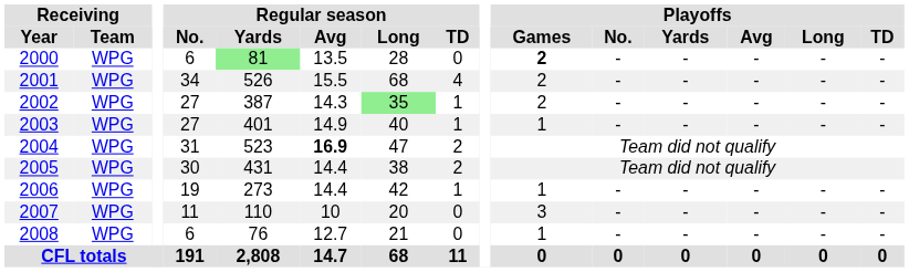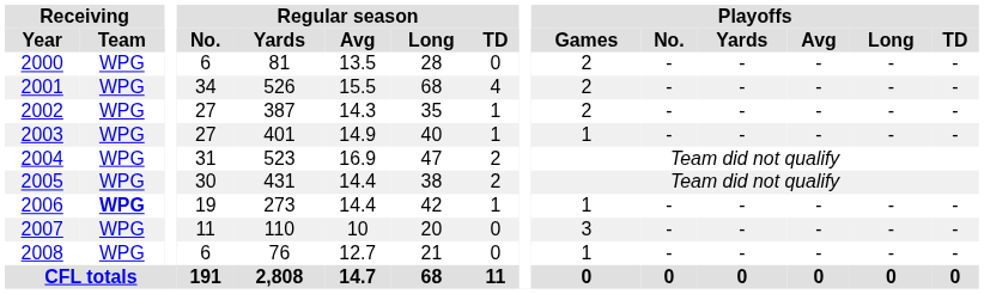 <table BORDER="0" CELLPADDING="1" CELLSPACING="0" width="65%" style="text-align:center">
 <tr bgcolor="#e0e0e0">
 <th colspan="2">Receiving</th>
 <th rowspan="99" bgcolor="#ffffff"> </th>
 <th colspan="5">Regular season</th>
 <th rowspan="99" bgcolor="#ffffff"> </th>
 <th colspan="6">Playoffs</th>
 </tr>
 <tr bgcolor="#e0e0e0">
 <th>Year</th>
 <th>Team</th>
 <th>No.</th>
 <th>Yards</th>
 <th>Avg</th>
 <th>Long</th>
 <th>TD</th>
 <th>Games</th>
 <th>No.</th>
 <th>Yards</th>
 <th>Avg</th>
 <th>Long</th>
 <th>TD</th>
 </tr>
 <tr ALIGN="center">
 <td><a href='#'>2000</a></td>
 <td><a href='#'>WPG</a></td>
 <td>6</td>
-<td style="background: lightgreen;">81</td>
+<td>81</td>
 <td>13.5</td>
 <td>28</td>
 <td>0</td>
-<td><strong>2</strong></td>
+<td>2</td>
 <td>-</td>
 <td>-</td>
 <td>-</td>
 <td>-</td>
 <td>-</td>
 </tr>
 <tr ALIGN="center" bgcolor="#f0f0f0">
 <td><a href='#'>2001</a></td>
 <td><a href='#'>WPG</a></td>
 <td>34</td>
 <td>526</td>
 <td>15.5</td>
 <td>68</td>
 <td>4</td>
 <td>2</td>
 <td>-</td>
 <td>-</td>
 <td>-</td>
 <td>-</td>
 <td>-</td>
 </tr>
 <tr ALIGN="center">
 <td><a href='#'>2002</a></td>
 <td><a href='#'>WPG</a></td>
 <td>27</td>
 <td>387</td>
 <td>14.3</td>
-<td style="background: lightgreen;">35</td>
+<td>35</td>
 <td>1</td>
 <td>2</td>
 <td>-</td>
 <td>-</td>
 <td>-</td>
 <td>-</td>
 <td>-</td>
 </tr>
 <tr ALIGN="center" bgcolor="#f0f0f0">
 <td><a href='#'>2003</a></td>
 <td><a href='#'>WPG</a></td>
 <td>27</td>
 <td>401</td>
 <td>14.9</td>
 <td>40</td>
 <td>1</td>
 <td>1</td>
 <td>-</td>
 <td>-</td>
 <td>-</td>
 <td>-</td>
 <td>-</td>
 </tr>
 <tr ALIGN="center">
 <td><a href='#'>2004</a></td>
 <td><a href='#'>WPG</a></td>
 <td>31</td>
 <td>523</td>
-<td><strong>16.9</strong></td>
+<td>16.9</td>
 <td>47</td>
 <td>2</td>
 <td colspan="6"><em>Team did not qualify</em></td>
 </tr>
 <tr ALIGN="center" bgcolor="#f0f0f0">
 <td><a href='#'>2005</a></td>
 <td><a href='#'>WPG</a></td>
 <td>30</td>
 <td>431</td>
 <td>14.4</td>
 <td>38</td>
 <td>2</td>
 <td colspan="6"><em>Team did not qualify</em></td>
 </tr>
 <tr ALIGN="center">
 <td><a href='#'>2006</a></td>
-<td><a href='#'>WPG</a></td>
+<td><strong><a href='#'>WPG</a></strong></td>
 <td>19</td>
 <td>273</td>
 <td>14.4</td>
 <td>42</td>
 <td>1</td>
 <td>1</td>
 <td>-</td>
 <td>-</td>
 <td>-</td>
 <td>-</td>
 <td>-</td>
 </tr>
 <tr ALIGN="center" bgcolor="#f0f0f0">
 <td><a href='#'>2007</a></td>
 <td><a href='#'>WPG</a></td>
 <td>11</td>
 <td>110</td>
 <td>10</td>
 <td>20</td>
 <td>0</td>
 <td>3</td>
 <td>-</td>
 <td>-</td>
 <td>-</td>
 <td>-</td>
 <td>-</td>
 </tr>
 <tr ALIGN="center">
 <td><a href='#'>2008</a></td>
 <td><a href='#'>WPG</a></td>
 <td>6</td>
 <td>76</td>
 <td>12.7</td>
 <td>21</td>
 <td>0</td>
 <td>1</td>
 <td>-</td>
 <td>-</td>
 <td>-</td>
 <td>-</td>
 <td>-</td>
 </tr>
 <tr bgcolor="#e0e0e0">
 <th colspan="3"><a href='#'>CFL totals</a></th>
 <th>191</th>
 <th>2,808</th>
 <th>14.7</th>
 <th>68</th>
 <th>11</th>
 <th>0</th>
 <th>0</th>
 <th>0</th>
 <th>0</th>
 <th>0</th>
 <th>0</th>
 </tr>
 </table>
